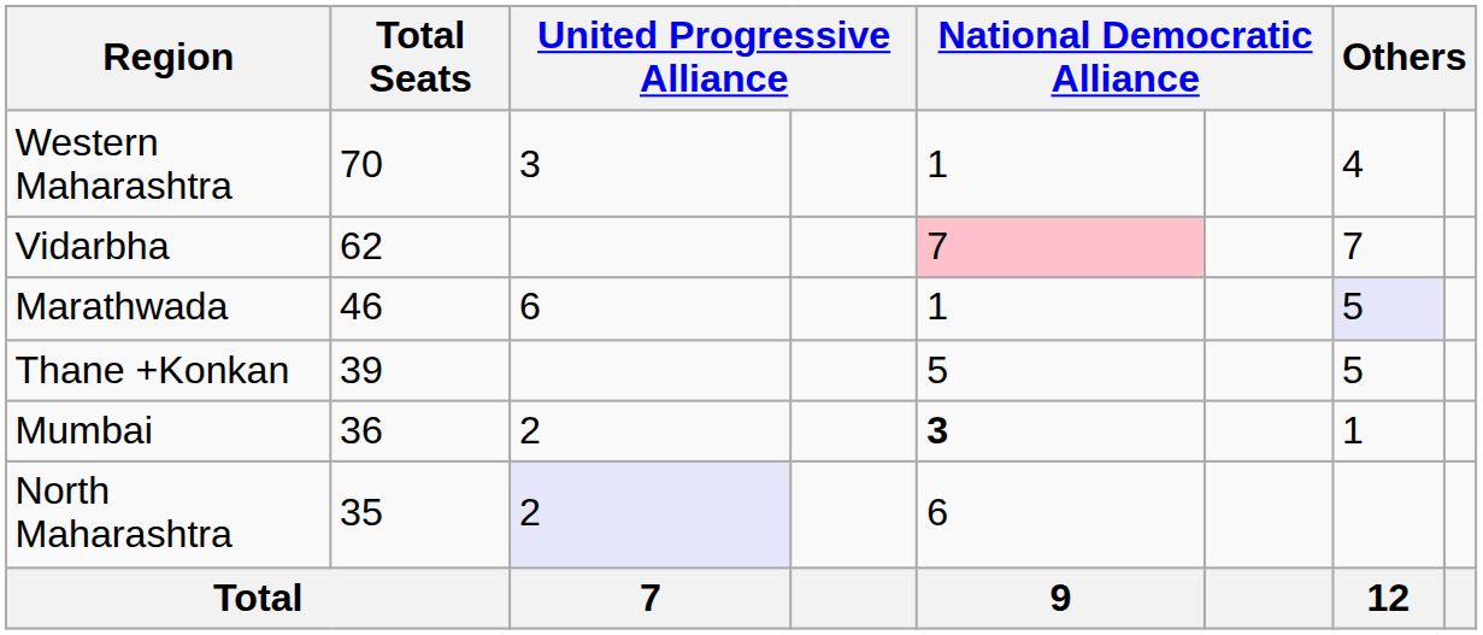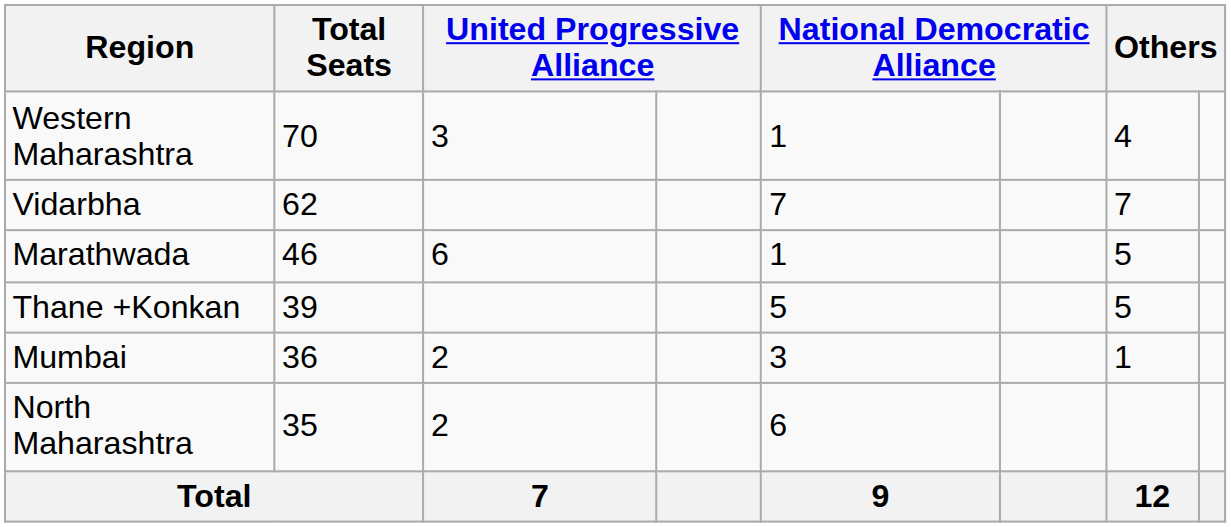 <table class="wikitable sortable">
 <tr>
 <th>Region</th>
 <th>Total Seats</th>
 <th colspan="2"><a href='#'>United Progressive Alliance</a></th>
 <th colspan="2"><a href='#'>National Democratic Alliance</a></th>
 <th colspan="2">Others</th>
 </tr>
 <tr>
 <td>Western Maharashtra</td>
 <td>70</td>
 <td> 3</td>
 <td></td>
 <td> 1</td>
 <td></td>
 <td> 4</td>
 <td></td>
 </tr>
 <tr>
 <td>Vidarbha</td>
 <td>62</td>
 <td></td>
 <td></td>
-<td style="background: pink;"> 7</td>
+<td> 7</td>
 <td></td>
 <td> 7</td>
 <td></td>
 </tr>
 <tr>
 <td>Marathwada</td>
 <td>46</td>
 <td> 6</td>
 <td></td>
 <td> 1</td>
 <td></td>
-<td style="background: lavender;"> 5</td>
+<td> 5</td>
 <td></td>
 </tr>
 <tr>
 <td>Thane +Konkan</td>
 <td>39</td>
 <td></td>
 <td></td>
 <td> 5</td>
 <td></td>
 <td> 5</td>
 <td></td>
 </tr>
 <tr>
 <td>Mumbai</td>
 <td>36</td>
 <td> 2</td>
 <td></td>
-<td><strong> 3</strong></td>
+<td> 3</td>
 <td></td>
 <td> 1</td>
 <td></td>
 </tr>
 <tr>
 <td>North Maharashtra</td>
 <td>35</td>
-<td style="background: lavender;"> 2</td>
+<td> 2</td>
 <td></td>
 <td> 6</td>
 <td></td>
 <td></td>
 <td></td>
 </tr>
 <tr>
 <th colspan="2">Total</th>
 <th> 7</th>
 <th></th>
 <th> 9</th>
 <th></th>
 <th> 12</th>
 <th></th>
 </tr>
 </table>
